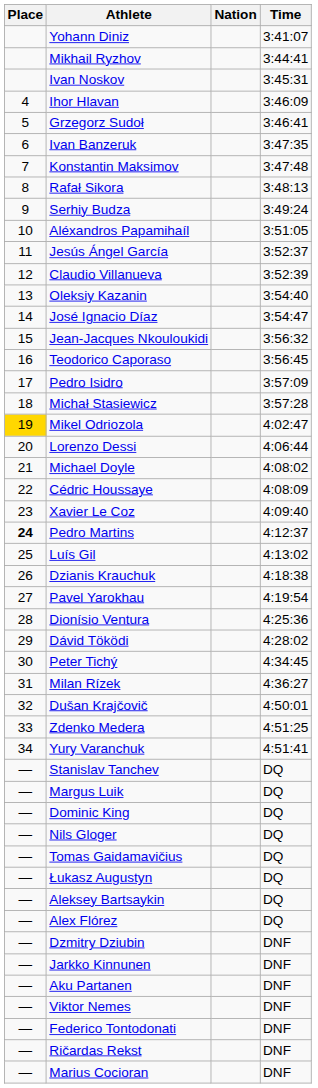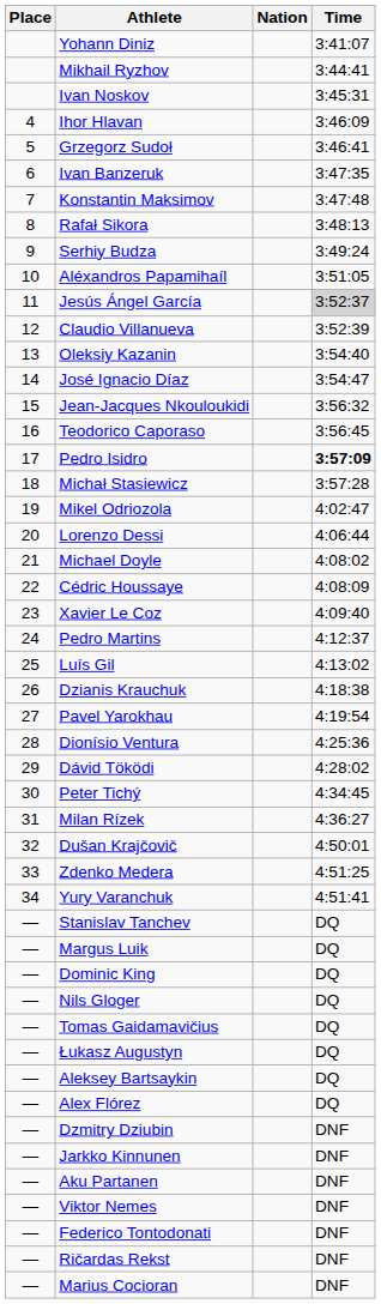 <table class=wikitable>
 <tr>
 <th>Place</th>
 <th>Athlete</th>
 <th>Nation</th>
 <th>Time</th>
 </tr>
 <tr>
 <td align=center></td>
 <td><a href='#'>Yohann Diniz</a></td>
 <td></td>
 <td>3:41:07</td>
 </tr>
 <tr>
 <td align=center></td>
 <td><a href='#'>Mikhail Ryzhov</a></td>
 <td></td>
 <td>3:44:41</td>
 </tr>
 <tr>
 <td align=center></td>
 <td><a href='#'>Ivan Noskov</a></td>
 <td></td>
 <td>3:45:31</td>
 </tr>
 <tr>
 <td align=center>4</td>
 <td><a href='#'>Ihor Hlavan</a></td>
 <td></td>
 <td>3:46:09</td>
 </tr>
 <tr>
 <td align=center>5</td>
 <td><a href='#'>Grzegorz Sudoł</a></td>
 <td></td>
 <td>3:46:41</td>
 </tr>
 <tr>
 <td align=center>6</td>
 <td><a href='#'>Ivan Banzeruk</a></td>
 <td></td>
 <td>3:47:35</td>
 </tr>
 <tr>
 <td align=center>7</td>
 <td><a href='#'>Konstantin Maksimov</a></td>
 <td></td>
 <td>3:47:48</td>
 </tr>
 <tr>
 <td align=center>8</td>
 <td><a href='#'>Rafał Sikora</a></td>
 <td></td>
 <td>3:48:13</td>
 </tr>
 <tr>
 <td align=center>9</td>
 <td><a href='#'>Serhiy Budza</a></td>
 <td></td>
 <td>3:49:24</td>
 </tr>
 <tr>
 <td align=center>10</td>
 <td><a href='#'>Aléxandros Papamihaíl</a></td>
 <td></td>
 <td>3:51:05</td>
 </tr>
 <tr>
 <td align=center>11</td>
 <td><a href='#'>Jesús Ángel García</a></td>
 <td></td>
-<td>3:52:37</td>
+<td style="background: lightgrey;">3:52:37</td>
 </tr>
 <tr>
 <td align=center>12</td>
 <td><a href='#'>Claudio Villanueva</a></td>
 <td></td>
 <td>3:52:39</td>
 </tr>
 <tr>
 <td align=center>13</td>
 <td><a href='#'>Oleksiy Kazanin</a></td>
 <td></td>
 <td>3:54:40</td>
 </tr>
 <tr>
 <td align=center>14</td>
 <td><a href='#'>José Ignacio Díaz</a></td>
 <td></td>
 <td>3:54:47</td>
 </tr>
 <tr>
 <td align=center>15</td>
 <td><a href='#'>Jean-Jacques Nkouloukidi</a></td>
 <td></td>
 <td>3:56:32</td>
 </tr>
 <tr>
 <td align=center>16</td>
 <td><a href='#'>Teodorico Caporaso</a></td>
 <td></td>
 <td>3:56:45</td>
 </tr>
 <tr>
 <td align=center>17</td>
 <td><a href='#'>Pedro Isidro</a></td>
 <td></td>
-<td>3:57:09</td>
+<td><strong>3:57:09</strong></td>
 </tr>
 <tr>
 <td align=center>18</td>
 <td><a href='#'>Michał Stasiewicz</a></td>
 <td></td>
 <td>3:57:28</td>
 </tr>
 <tr>
-<td align=center style="background: gold;">19</td>
+<td align=center>19</td>
 <td><a href='#'>Mikel Odriozola</a></td>
 <td></td>
 <td>4:02:47</td>
 </tr>
 <tr>
 <td align=center>20</td>
 <td><a href='#'>Lorenzo Dessi</a></td>
 <td></td>
 <td>4:06:44</td>
 </tr>
 <tr>
 <td align=center>21</td>
 <td><a href='#'>Michael Doyle</a></td>
 <td></td>
 <td>4:08:02</td>
 </tr>
 <tr>
 <td align=center>22</td>
 <td><a href='#'>Cédric Houssaye</a></td>
 <td></td>
 <td>4:08:09</td>
 </tr>
 <tr>
 <td align=center>23</td>
 <td><a href='#'>Xavier Le Coz</a></td>
 <td></td>
 <td>4:09:40</td>
 </tr>
 <tr>
-<td align=center><strong>24</strong></td>
+<td align=center>24</td>
 <td><a href='#'>Pedro Martins</a></td>
 <td></td>
 <td>4:12:37</td>
 </tr>
 <tr>
 <td align=center>25</td>
 <td><a href='#'>Luís Gil</a></td>
 <td></td>
 <td>4:13:02</td>
 </tr>
 <tr>
 <td align=center>26</td>
 <td><a href='#'>Dzianis Krauchuk</a></td>
 <td></td>
 <td>4:18:38</td>
 </tr>
 <tr>
 <td align=center>27</td>
 <td><a href='#'>Pavel Yarokhau</a></td>
 <td></td>
 <td>4:19:54</td>
 </tr>
 <tr>
 <td align=center>28</td>
 <td><a href='#'>Dionísio Ventura</a></td>
 <td></td>
 <td>4:25:36</td>
 </tr>
 <tr>
 <td align=center>29</td>
 <td><a href='#'>Dávid Töködi</a></td>
 <td></td>
 <td>4:28:02</td>
 </tr>
 <tr>
 <td align=center>30</td>
 <td><a href='#'>Peter Tichý</a></td>
 <td></td>
 <td>4:34:45</td>
 </tr>
 <tr>
 <td align=center>31</td>
 <td><a href='#'>Milan Rízek</a></td>
 <td></td>
 <td>4:36:27</td>
 </tr>
 <tr>
 <td align=center>32</td>
 <td><a href='#'>Dušan Krajčovič</a></td>
 <td></td>
 <td>4:50:01</td>
 </tr>
 <tr>
 <td align=center>33</td>
 <td><a href='#'>Zdenko Medera</a></td>
 <td></td>
 <td>4:51:25</td>
 </tr>
 <tr>
 <td align=center>34</td>
 <td><a href='#'>Yury Varanchuk</a></td>
 <td></td>
 <td>4:51:41</td>
 </tr>
 <tr>
 <td align=center>—</td>
 <td><a href='#'>Stanislav Tanchev</a></td>
 <td></td>
 <td>DQ</td>
 </tr>
 <tr>
 <td align=center>—</td>
 <td><a href='#'>Margus Luik</a></td>
 <td></td>
 <td>DQ</td>
 </tr>
 <tr>
 <td align=center>—</td>
 <td><a href='#'>Dominic King</a></td>
 <td></td>
 <td>DQ</td>
 </tr>
 <tr>
 <td align=center>—</td>
 <td><a href='#'>Nils Gloger</a></td>
 <td></td>
 <td>DQ</td>
 </tr>
 <tr>
 <td align=center>—</td>
 <td><a href='#'>Tomas Gaidamavičius</a></td>
 <td></td>
 <td>DQ</td>
 </tr>
 <tr>
 <td align=center>—</td>
 <td><a href='#'>Łukasz Augustyn</a></td>
 <td></td>
 <td>DQ</td>
 </tr>
 <tr>
 <td align=center>—</td>
 <td><a href='#'>Aleksey Bartsaykin</a></td>
 <td></td>
 <td>DQ</td>
 </tr>
 <tr>
 <td align=center>—</td>
 <td><a href='#'>Alex Flórez</a></td>
 <td></td>
 <td>DQ</td>
 </tr>
 <tr>
 <td align=center>—</td>
 <td><a href='#'>Dzmitry Dziubin</a></td>
 <td></td>
 <td>DNF</td>
 </tr>
 <tr>
 <td align=center>—</td>
 <td><a href='#'>Jarkko Kinnunen</a></td>
 <td></td>
 <td>DNF</td>
 </tr>
 <tr>
 <td align=center>—</td>
 <td><a href='#'>Aku Partanen</a></td>
 <td></td>
 <td>DNF</td>
 </tr>
 <tr>
 <td align=center>—</td>
 <td><a href='#'>Viktor Nemes</a></td>
 <td></td>
 <td>DNF</td>
 </tr>
 <tr>
 <td align=center>—</td>
 <td><a href='#'>Federico Tontodonati</a></td>
 <td></td>
 <td>DNF</td>
 </tr>
 <tr>
 <td align=center>—</td>
 <td><a href='#'>Ričardas Rekst</a></td>
 <td></td>
 <td>DNF</td>
 </tr>
 <tr>
 <td align=center>—</td>
 <td><a href='#'>Marius Cocioran</a></td>
 <td></td>
 <td>DNF</td>
 </tr>
 </table>
